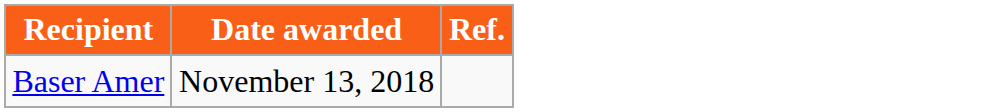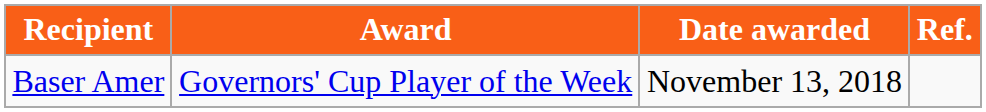 <table class="wikitable sortable sortable" style="text-align: center">
 <tr>
 <th style="background:#F95F17; color:#FFFFFF; ">Recipient</th>
+<th style="background:#F95F17; color:#FFFFFF; ">Award</th>
 <th style="background:#F95F17; color:#FFFFFF; ">Date awarded</th>
 <th style="background:#F95F17; color:#FFFFFF; ">Ref.</th>
 </tr>
 <tr>
 <td><a href='#'>Baser Amer</a></td>
+<td><a href='#'>Governors' Cup Player of the Week</a></td>
 <td>November 13, 2018</td>
 <td></td>
 </tr>
 </table>
